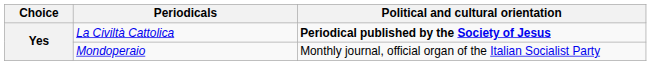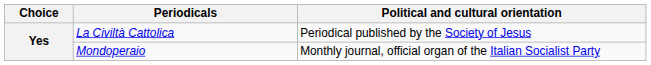 <table class="wikitable">
 <tr>
 <th width=4%>Choice</th>
 <th width=18%>Periodicals</th>
 <th width=28%>Political and cultural orientation</th>
 </tr>
 <tr>
 <th rowspan=2> Yes</th>
 <td><em><a href='#'>La Civiltà Cattolica</a></em></td>
-<td><strong>Periodical published by the <a href='#'>Society of Jesus</a></strong></td>
+<td>Periodical published by the <a href='#'>Society of Jesus</a></td>
 </tr>
 <tr>
 <td><em><a href='#'>Mondoperaio</a></em></td>
 <td>Monthly journal, official organ of the <a href='#'>Italian Socialist Party</a></td>
 </tr>
 </table>
